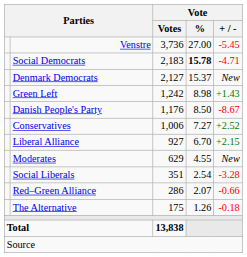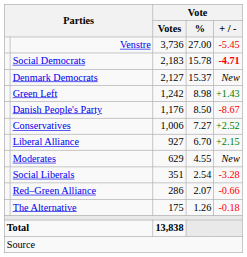 <table class="wikitable" style="text-align:right;">
 <tr>
 <th style="text-align:centre;" rowspan="2" colspan="2" width="225">Parties</th>
 <th colspan="3">Vote</th>
 </tr>
 <tr>
 <th width="15">Votes</th>
 <th width="15">%</th>
 <th width="15">+ / -</th>
 </tr>
 <tr>
 <td width=2 bgcolor=></td>
 <td><a href='#'>Venstre</a></td>
 <td>3,736</td>
 <td>27.00</td>
 <td style=color:red;>-5.45</td>
 </tr>
 <tr>
 <td width=2 bgcolor=></td>
 <td align=left><a href='#'>Social Democrats</a></td>
 <td>2,183</td>
-<td><strong>15.78</strong></td>
-<td style=color:red;>-4.71</td>
+<td>15.78</td>
+<td style=color:red;><strong>-4.71</strong></td>
 </tr>
 <tr>
 <td width=2 bgcolor=></td>
 <td align=left><a href='#'>Denmark Democrats</a></td>
 <td>2,127</td>
 <td>15.37</td>
 <td><em>New</em></td>
 </tr>
 <tr>
 <td width=2 bgcolor=></td>
 <td align=left><a href='#'>Green Left</a></td>
 <td>1,242</td>
 <td>8.98</td>
 <td style=color:green;>+1.43</td>
 </tr>
 <tr>
 <td width=2 bgcolor=></td>
 <td align=left><a href='#'>Danish People's Party</a></td>
 <td>1,176</td>
 <td>8.50</td>
 <td style=color:red;>-8.67</td>
 </tr>
 <tr>
 <td width=2 bgcolor=></td>
 <td align=left><a href='#'>Conservatives</a></td>
 <td>1,006</td>
 <td>7.27</td>
 <td style=color:green;>+2.52</td>
 </tr>
 <tr>
 <td width=2 bgcolor=></td>
 <td align=left><a href='#'>Liberal Alliance</a></td>
 <td>927</td>
 <td>6.70</td>
 <td style=color:green;>+2.15</td>
 </tr>
 <tr>
 <td width=2 bgcolor=></td>
 <td align=left><a href='#'>Moderates</a></td>
 <td>629</td>
 <td>4.55</td>
 <td><em>New</em></td>
 </tr>
 <tr>
 <td width=2 bgcolor=></td>
 <td align=left><a href='#'>Social Liberals</a></td>
 <td>351</td>
 <td>2.54</td>
 <td style=color:red;>-3.28</td>
 </tr>
 <tr>
 <td width=2 bgcolor=></td>
 <td align=left><a href='#'>Red–Green Alliance</a></td>
 <td>286</td>
 <td>2.07</td>
 <td style=color:red;>-0.66</td>
 </tr>
 <tr>
 <td width=2 bgcolor=></td>
 <td align=left><a href='#'>The Alternative</a></td>
 <td>175</td>
 <td>1.26</td>
 <td style=color:red;>-0.18</td>
 </tr>
 <tr>
 <td colspan="7" bgcolor="#E9E9E9"></td>
 </tr>
 <tr>
 <td align="left" colspan="2"><strong>Total</strong></td>
 <td><strong>13,838</strong></td>
 <td bgcolor=#E9E9E9 colspan=2></td>
 </tr>
 <tr>
 <td align="left" colspan="6">Source</td>
 </tr>
 </table>
